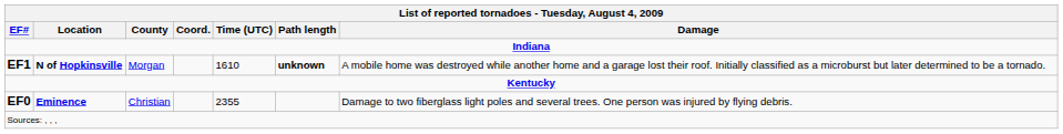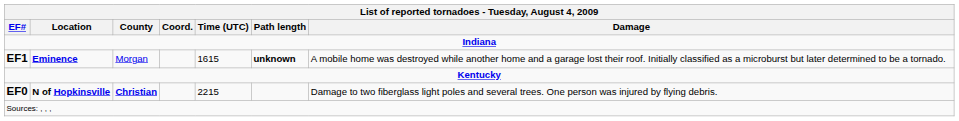 <table class="wikitable collapsible" style="width:100%;">
 <tr>
 <th colspan="7">List of reported tornadoes - Tuesday, August 4, 2009</th>
 </tr>
 <tr>
 <th><a href='#'>EF#</a></th>
 <th>Location</th>
 <th>County</th>
 <th>Coord.</th>
 <th>Time (UTC)</th>
 <th>Path length</th>
 <th>Damage</th>
 </tr>
 <tr>
 <td colspan="7" style="text-align:center;"><strong><a href='#'>Indiana</a></strong></td>
 </tr>
 <tr>
 <td><big><strong>EF1</strong></big></td>
-<td><strong>N of <a href='#'>Hopkinsville</a></strong></td>
+<td><strong><a href='#'>Eminence</a></strong></td>
 <td><a href='#'>Morgan</a></td>
 <td></td>
-<td>1610</td>
+<td>1615</td>
 <td><strong>unknown</strong></td>
 <td>A mobile home was destroyed while another home and a garage lost their roof. Initially classified as a microburst but later determined to be a tornado.</td>
 </tr>
 <tr>
 <td colspan="7" style="text-align:center;"><strong><a href='#'>Kentucky</a></strong></td>
 </tr>
 <tr>
 <td><big><strong>EF0</strong></big></td>
-<td><strong><a href='#'>Eminence</a></strong></td>
-<td><a href='#'>Christian</a></td>
+<td><strong>N of <a href='#'>Hopkinsville</a></strong></td>
+<td><strong><a href='#'>Christian</a></strong></td>
 <td></td>
-<td>2355</td>
+<td>2215</td>
 <td></td>
 <td>Damage to two fiberglass light poles and several trees. One person was injured by flying debris.</td>
 </tr>
 <tr>
 <td colspan="7"><small>Sources: , , , </small></td>
 </tr>
 </table>
